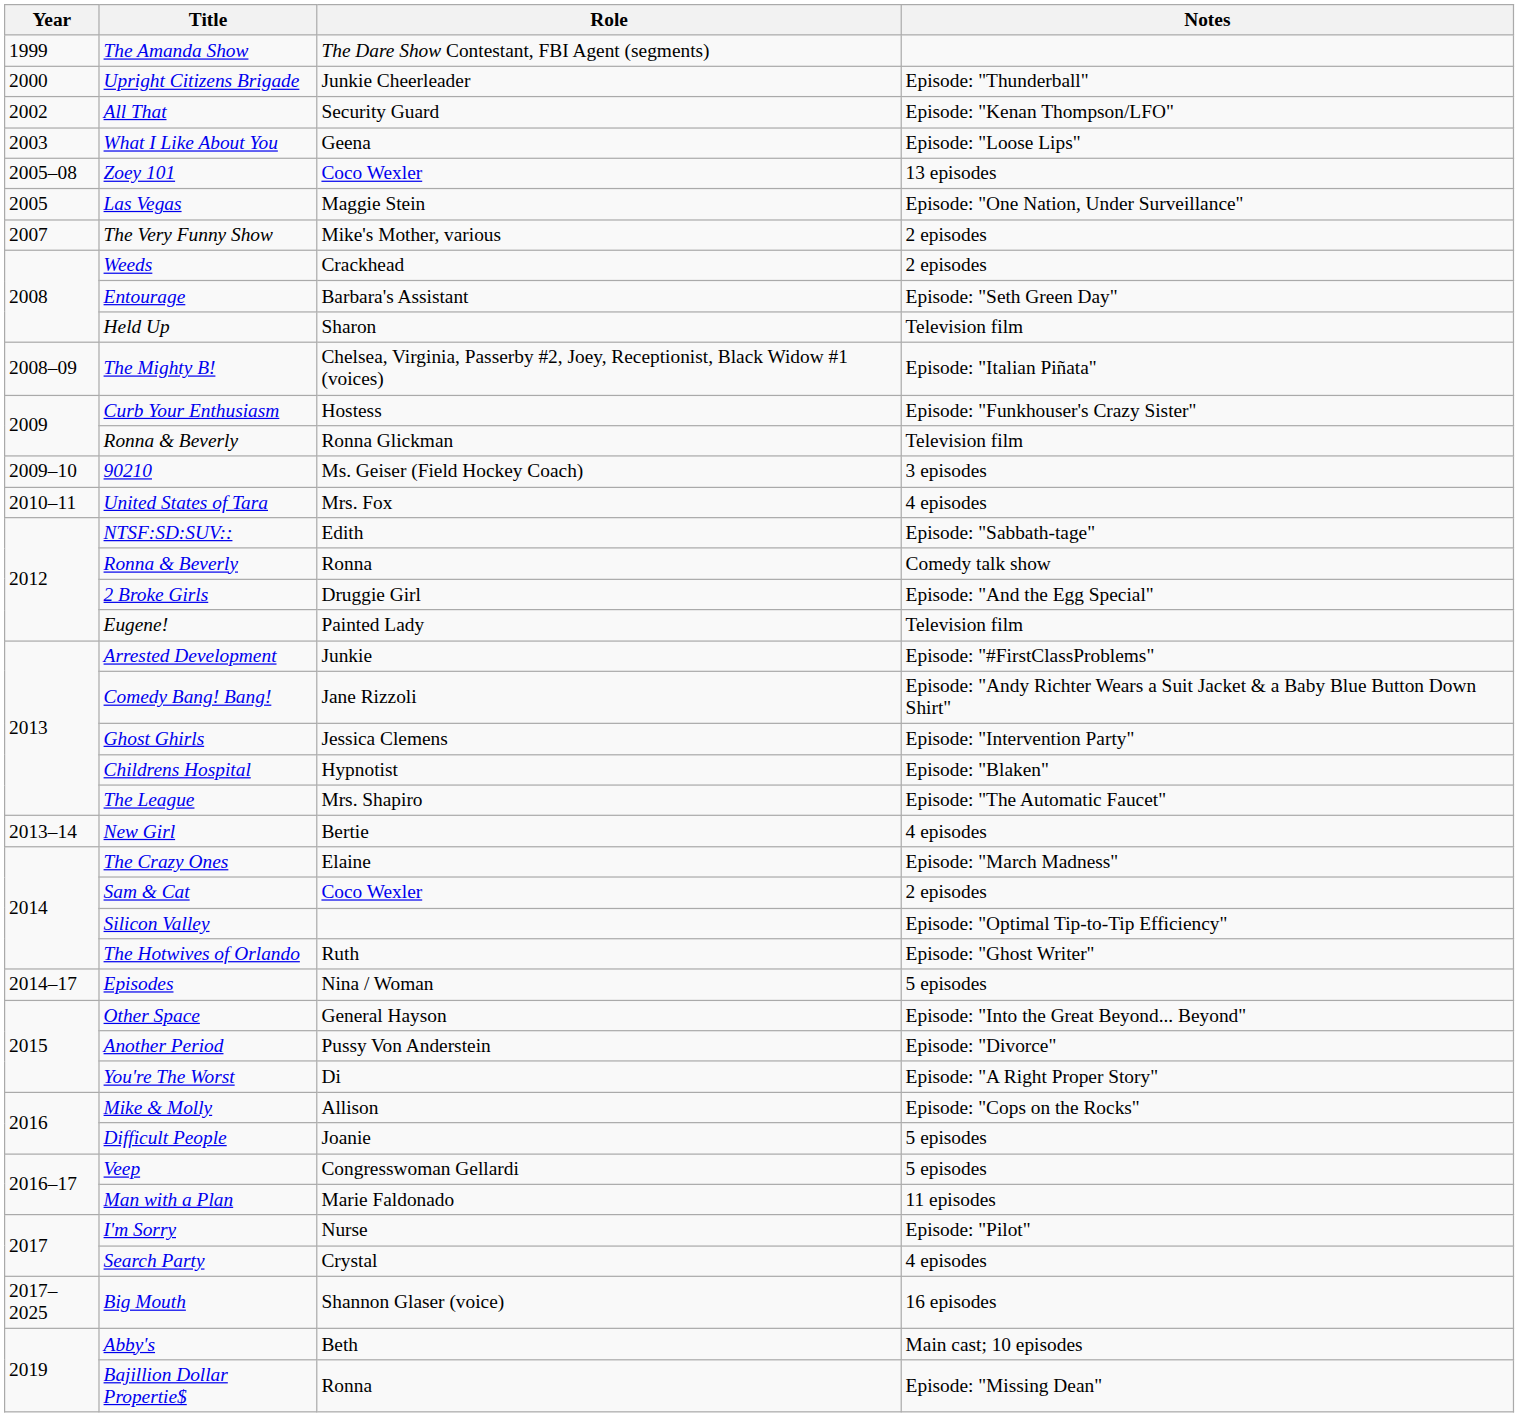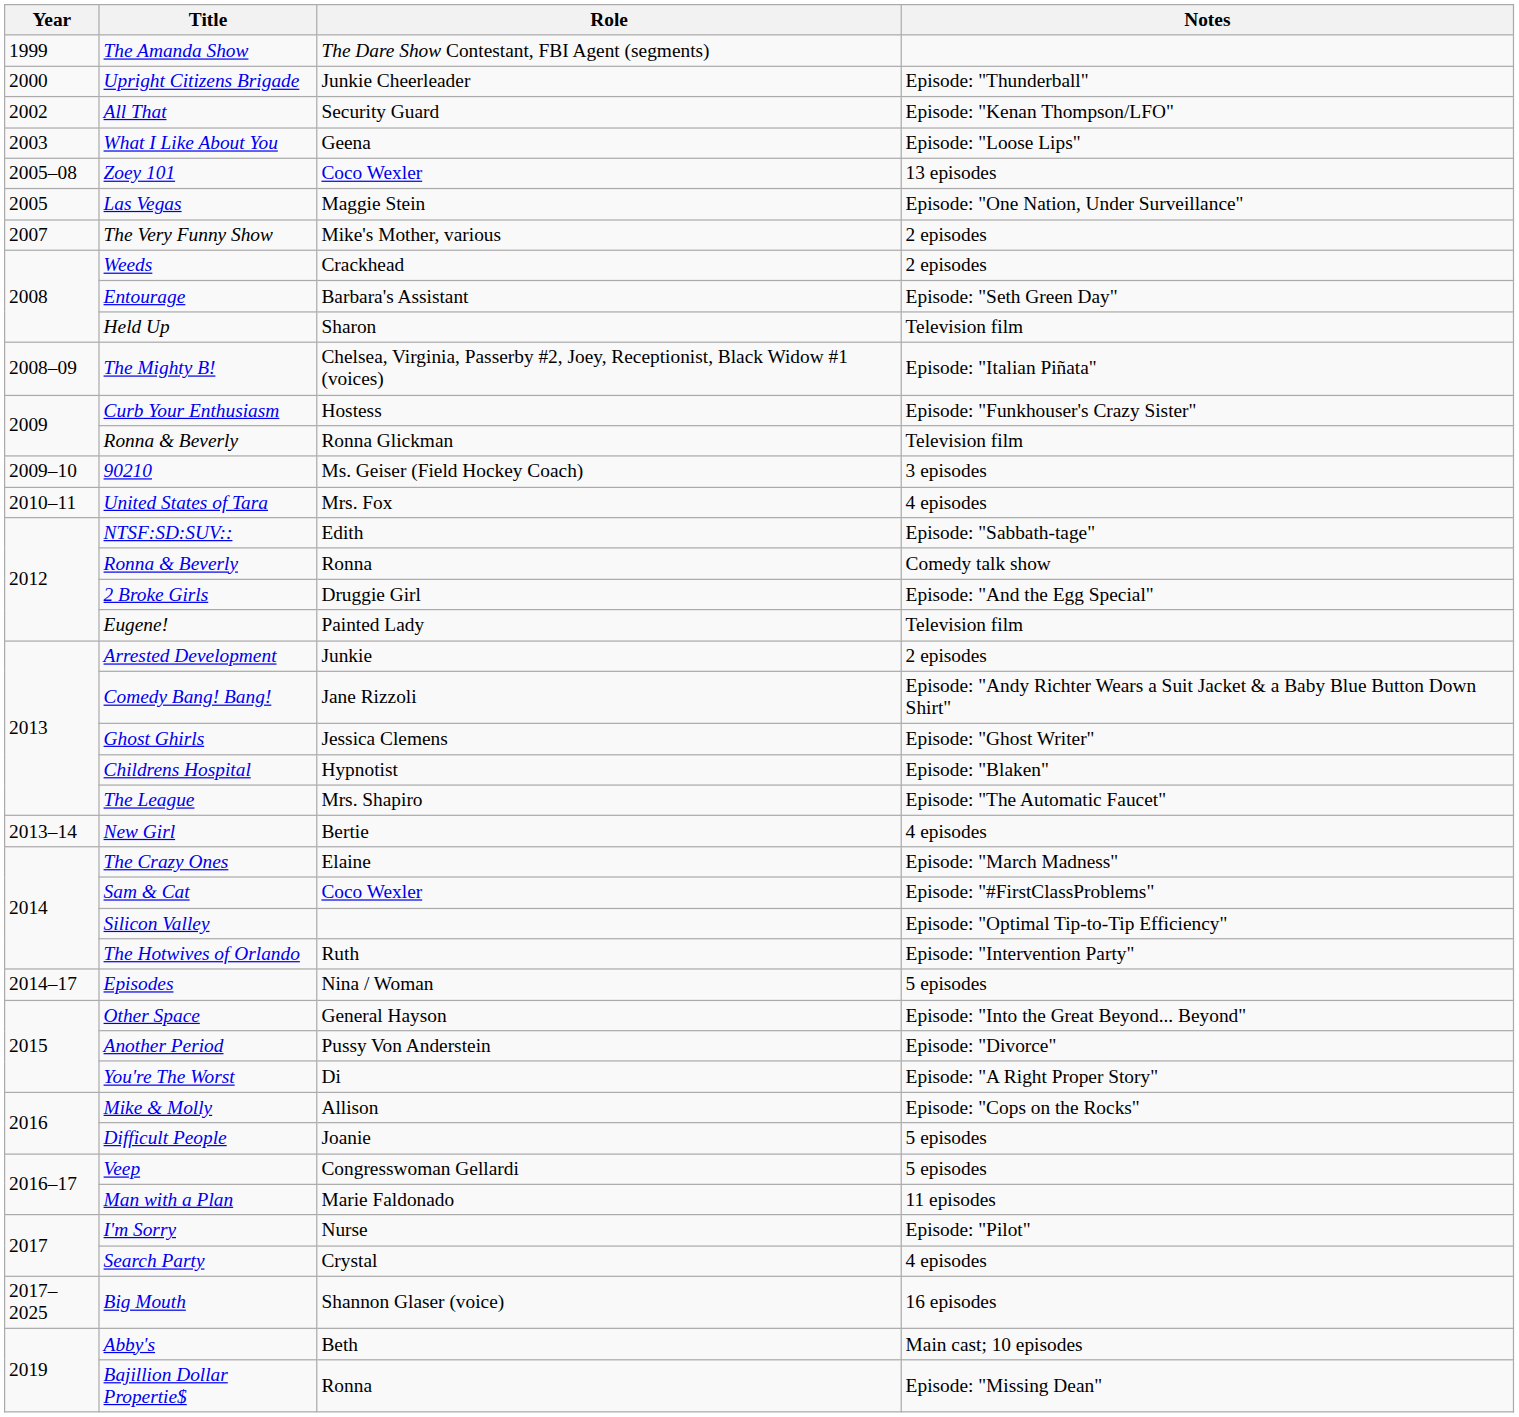 <table class="wikitable sortable">
 <tr>
 <th>Year</th>
 <th>Title</th>
 <th>Role</th>
 <th class="unsortable">Notes</th>
 </tr>
 <tr>
 <td>1999</td>
 <td><em><a href='#'>The Amanda Show</a></em></td>
 <td><em>The Dare Show</em> Contestant, FBI Agent (segments)</td>
 <td></td>
 </tr>
 <tr>
 <td>2000</td>
 <td><em><a href='#'>Upright Citizens Brigade</a></em></td>
 <td>Junkie Cheerleader</td>
 <td>Episode: "Thunderball"</td>
 </tr>
 <tr>
 <td>2002</td>
 <td><em><a href='#'>All That</a></em></td>
 <td>Security Guard</td>
 <td>Episode: "Kenan Thompson/LFO"</td>
 </tr>
 <tr>
 <td>2003</td>
 <td><em><a href='#'>What I Like About You</a></em></td>
 <td>Geena</td>
 <td>Episode: "Loose Lips"</td>
 </tr>
 <tr>
 <td>2005–08</td>
 <td><em><a href='#'>Zoey 101</a></em></td>
 <td><a href='#'>Coco Wexler</a></td>
 <td>13 episodes</td>
 </tr>
 <tr>
 <td>2005</td>
 <td><em><a href='#'>Las Vegas</a></em></td>
 <td>Maggie Stein</td>
 <td>Episode: "One Nation, Under Surveillance"</td>
 </tr>
 <tr>
 <td>2007</td>
 <td><em>The Very Funny Show</em></td>
 <td>Mike's Mother, various</td>
 <td>2 episodes</td>
 </tr>
 <tr>
 <td rowspan=3>2008</td>
 <td><em><a href='#'>Weeds</a></em></td>
 <td>Crackhead</td>
 <td>2 episodes</td>
 </tr>
 <tr>
 <td><em><a href='#'>Entourage</a></em></td>
 <td>Barbara's Assistant</td>
 <td>Episode: "Seth Green Day"</td>
 </tr>
 <tr>
 <td><em>Held Up</em></td>
 <td>Sharon</td>
 <td>Television film</td>
 </tr>
 <tr>
 <td>2008–09</td>
 <td><em><a href='#'>The Mighty B!</a></em></td>
 <td>Chelsea, Virginia, Passerby #2, Joey, Receptionist, Black Widow #1 (voices)</td>
 <td>Episode: "Italian Piñata"</td>
 </tr>
 <tr>
 <td rowspan=2>2009</td>
 <td><em><a href='#'>Curb Your Enthusiasm</a></em></td>
 <td>Hostess</td>
 <td>Episode: "Funkhouser's Crazy Sister"</td>
 </tr>
 <tr>
 <td><em>Ronna & Beverly</em></td>
 <td>Ronna Glickman</td>
 <td>Television film</td>
 </tr>
 <tr>
 <td>2009–10</td>
 <td><em><a href='#'>90210</a></em></td>
 <td>Ms. Geiser (Field Hockey Coach)</td>
 <td>3 episodes</td>
 </tr>
 <tr>
 <td>2010–11</td>
 <td><em><a href='#'>United States of Tara</a></em></td>
 <td>Mrs. Fox</td>
 <td>4 episodes</td>
 </tr>
 <tr>
 <td rowspan=4>2012</td>
 <td><em><a href='#'>NTSF:SD:SUV::</a></em></td>
 <td>Edith</td>
 <td>Episode: "Sabbath-tage"</td>
 </tr>
 <tr>
 <td><em><a href='#'>Ronna & Beverly</a></em></td>
 <td>Ronna</td>
 <td>Comedy talk show</td>
 </tr>
 <tr>
 <td><em><a href='#'>2 Broke Girls</a></em></td>
 <td>Druggie Girl</td>
 <td>Episode: "And the Egg Special"</td>
 </tr>
 <tr>
 <td><em>Eugene!</em></td>
 <td>Painted Lady</td>
 <td>Television film</td>
 </tr>
 <tr>
 <td rowspan=5>2013</td>
 <td><em><a href='#'>Arrested Development</a></em></td>
 <td>Junkie</td>
-<td>Episode: "#FirstClassProblems"</td>
+<td>2 episodes</td>
 </tr>
 <tr>
 <td><em><a href='#'>Comedy Bang! Bang!</a></em></td>
 <td>Jane Rizzoli</td>
 <td>Episode: "Andy Richter Wears a Suit Jacket & a Baby Blue Button Down Shirt"</td>
 </tr>
 <tr>
 <td><em><a href='#'>Ghost Ghirls</a></em></td>
 <td>Jessica Clemens</td>
-<td>Episode: "Intervention Party"</td>
+<td>Episode: "Ghost Writer"</td>
 </tr>
 <tr>
 <td><em><a href='#'>Childrens Hospital</a></em></td>
 <td>Hypnotist</td>
 <td>Episode: "Blaken"</td>
 </tr>
 <tr>
 <td><em><a href='#'>The League</a></em></td>
 <td>Mrs. Shapiro</td>
 <td>Episode: "The Automatic Faucet"</td>
 </tr>
 <tr>
 <td>2013–14</td>
 <td><em><a href='#'>New Girl</a></em></td>
 <td>Bertie</td>
 <td>4 episodes</td>
 </tr>
 <tr>
 <td rowspan=4>2014</td>
 <td><em><a href='#'>The Crazy Ones</a></em></td>
 <td>Elaine</td>
 <td>Episode: "March Madness"</td>
 </tr>
 <tr>
 <td><em><a href='#'>Sam & Cat</a></em></td>
 <td><a href='#'>Coco Wexler</a></td>
-<td>2 episodes</td>
+<td>Episode: "#FirstClassProblems"</td>
 </tr>
 <tr>
 <td><em><a href='#'>Silicon Valley</a></em></td>
 <td></td>
 <td>Episode: "Optimal Tip-to-Tip Efficiency"</td>
 </tr>
 <tr>
 <td><em><a href='#'>The Hotwives of Orlando</a></em></td>
 <td>Ruth</td>
-<td>Episode: "Ghost Writer"</td>
+<td>Episode: "Intervention Party"</td>
 </tr>
 <tr>
 <td>2014–17</td>
 <td><em><a href='#'>Episodes</a></em></td>
 <td>Nina / Woman</td>
 <td>5 episodes</td>
 </tr>
 <tr>
 <td rowspan=3>2015</td>
 <td><em><a href='#'>Other Space</a></em></td>
 <td>General Hayson</td>
 <td>Episode: "Into the Great Beyond... Beyond"</td>
 </tr>
 <tr>
 <td><em><a href='#'>Another Period</a></em></td>
 <td>Pussy Von Anderstein</td>
 <td>Episode: "Divorce"</td>
 </tr>
 <tr>
 <td><em><a href='#'>You're The Worst</a></em></td>
 <td>Di</td>
 <td>Episode: "A Right Proper Story"</td>
 </tr>
 <tr>
 <td rowspan=2>2016</td>
 <td><em><a href='#'>Mike & Molly</a></em></td>
 <td>Allison</td>
 <td>Episode: "Cops on the Rocks"</td>
 </tr>
 <tr>
 <td><em><a href='#'>Difficult People</a></em></td>
 <td>Joanie</td>
 <td>5 episodes</td>
 </tr>
 <tr>
 <td rowspan=2>2016–17</td>
 <td><em><a href='#'>Veep</a></em></td>
 <td>Congresswoman Gellardi</td>
 <td>5 episodes</td>
 </tr>
 <tr>
 <td><em><a href='#'>Man with a Plan</a></em></td>
 <td>Marie Faldonado</td>
 <td>11 episodes</td>
 </tr>
 <tr>
 <td rowspan=2>2017</td>
 <td><em><a href='#'>I'm Sorry</a></em></td>
 <td>Nurse</td>
 <td>Episode: "Pilot"</td>
 </tr>
 <tr>
 <td><em><a href='#'>Search Party</a></em></td>
 <td>Crystal</td>
 <td>4 episodes</td>
 </tr>
 <tr>
 <td>2017–2025</td>
 <td><em><a href='#'>Big Mouth</a></em></td>
 <td>Shannon Glaser (voice)</td>
 <td>16 episodes</td>
 </tr>
 <tr>
 <td rowspan=2>2019</td>
 <td><em><a href='#'>Abby's</a></em></td>
 <td>Beth</td>
 <td>Main cast; 10 episodes</td>
 </tr>
 <tr>
 <td><em><a href='#'>Bajillion Dollar Propertie$</a></em></td>
 <td>Ronna</td>
 <td>Episode: "Missing Dean"</td>
 </tr>
 </table>
